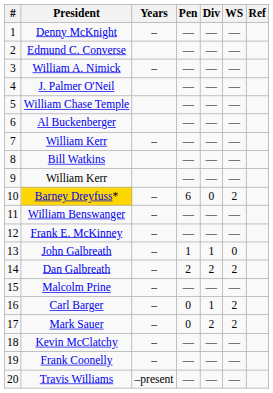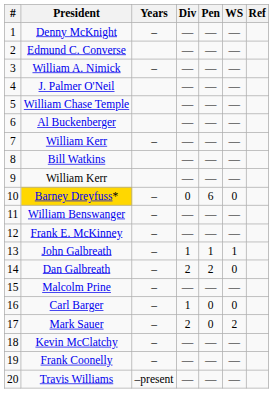 <table class="wikitable" style="text-align:center">
 <tr>
 <th class="unsortable">#</th>
 <th>President</th>
 <th>Years</th>
+<th>Div</th>
 <th>Pen</th>
-<th>Div</th>
 <th>WS</th>
 <th>Ref</th>
 </tr>
 <tr>
 <td>1</td>
 <td><a href='#'>Denny McKnight</a></td>
 <td>–</td>
 <td>—</td>
 <td>—</td>
 <td>—</td>
 <td></td>
 </tr>
 <tr>
 <td>2</td>
 <td><a href='#'>Edmund C. Converse</a></td>
 <td></td>
 <td>—</td>
 <td>—</td>
 <td>—</td>
 <td></td>
 </tr>
 <tr>
 <td>3</td>
 <td><a href='#'>William A. Nimick</a></td>
 <td>–</td>
 <td>—</td>
 <td>—</td>
 <td>—</td>
 <td></td>
 </tr>
 <tr>
 <td>4</td>
 <td><a href='#'>J. Palmer O'Neil</a></td>
 <td></td>
 <td>—</td>
 <td>—</td>
 <td>—</td>
 <td></td>
 </tr>
 <tr>
 <td>5</td>
 <td><a href='#'>William Chase Temple</a></td>
 <td></td>
 <td>—</td>
 <td>—</td>
 <td>—</td>
 <td></td>
 </tr>
 <tr>
 <td>6</td>
 <td><a href='#'>Al Buckenberger</a></td>
 <td></td>
 <td>—</td>
 <td>—</td>
 <td>—</td>
 <td></td>
 </tr>
 <tr>
 <td>7</td>
 <td><a href='#'>William Kerr</a></td>
 <td>–</td>
 <td>—</td>
 <td>—</td>
 <td>—</td>
 <td></td>
 </tr>
 <tr>
 <td>8</td>
 <td><a href='#'>Bill Watkins</a></td>
 <td></td>
 <td>—</td>
 <td>—</td>
 <td>—</td>
 <td></td>
 </tr>
 <tr>
 <td>9</td>
 <td>William Kerr</td>
 <td></td>
 <td>—</td>
 <td>—</td>
 <td>—</td>
 <td></td>
 </tr>
 <tr>
 <td>10</td>
 <td bgcolor="ffd700"><a href='#'>Barney Dreyfuss</a>*</td>
 <td>–</td>
+<td>0</td>
 <td>6</td>
 <td>0</td>
-<td>2</td>
 <td></td>
 </tr>
 <tr>
 <td>11</td>
 <td><a href='#'>William Benswanger</a></td>
 <td>–</td>
 <td>—</td>
 <td>—</td>
 <td>—</td>
 <td></td>
 </tr>
 <tr>
 <td>12</td>
 <td><a href='#'>Frank E. McKinney</a></td>
 <td>–</td>
 <td>—</td>
 <td>—</td>
 <td>—</td>
 <td></td>
 </tr>
 <tr>
 <td>13</td>
 <td><a href='#'>John Galbreath</a></td>
 <td>–</td>
 <td>1</td>
 <td>1</td>
-<td>0</td>
+<td>1</td>
 <td></td>
 </tr>
 <tr>
 <td>14</td>
 <td><a href='#'>Dan Galbreath</a></td>
 <td>–</td>
 <td>2</td>
 <td>2</td>
-<td>2</td>
+<td>0</td>
 <td></td>
 </tr>
 <tr>
 <td>15</td>
 <td><a href='#'>Malcolm Prine</a></td>
 <td>–</td>
 <td>—</td>
 <td>—</td>
 <td>—</td>
 <td></td>
 </tr>
 <tr>
 <td>16</td>
 <td><a href='#'>Carl Barger</a></td>
 <td>–</td>
+<td>1</td>
 <td>0</td>
-<td>1</td>
-<td>2</td>
+<td>0</td>
 <td></td>
 </tr>
 <tr>
 <td>17</td>
 <td><a href='#'>Mark Sauer</a></td>
 <td>–</td>
+<td>2</td>
 <td>0</td>
-<td>2</td>
 <td>2</td>
 <td></td>
 </tr>
 <tr>
 <td>18</td>
 <td><a href='#'>Kevin McClatchy</a></td>
 <td>–</td>
 <td>—</td>
 <td>—</td>
 <td>—</td>
 <td></td>
 </tr>
 <tr>
 <td>19</td>
 <td><a href='#'>Frank Coonelly</a></td>
 <td>–</td>
 <td>—</td>
 <td>—</td>
 <td>—</td>
 <td></td>
 </tr>
 <tr>
 <td>20</td>
 <td><a href='#'>Travis Williams</a></td>
 <td>–present</td>
 <td>—</td>
 <td>—</td>
 <td>—</td>
 <td></td>
 </tr>
 </table>
